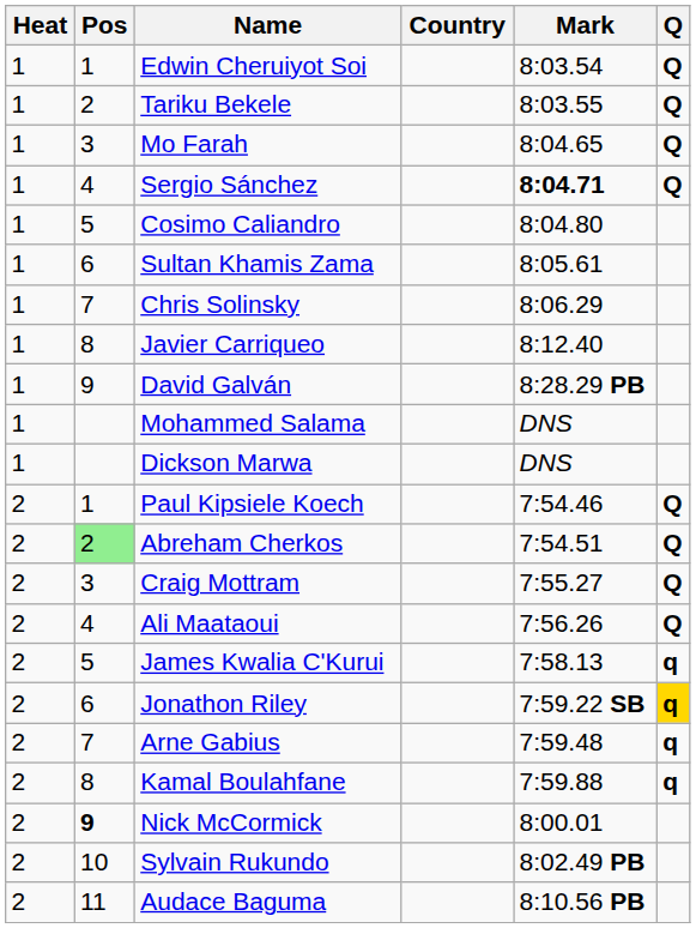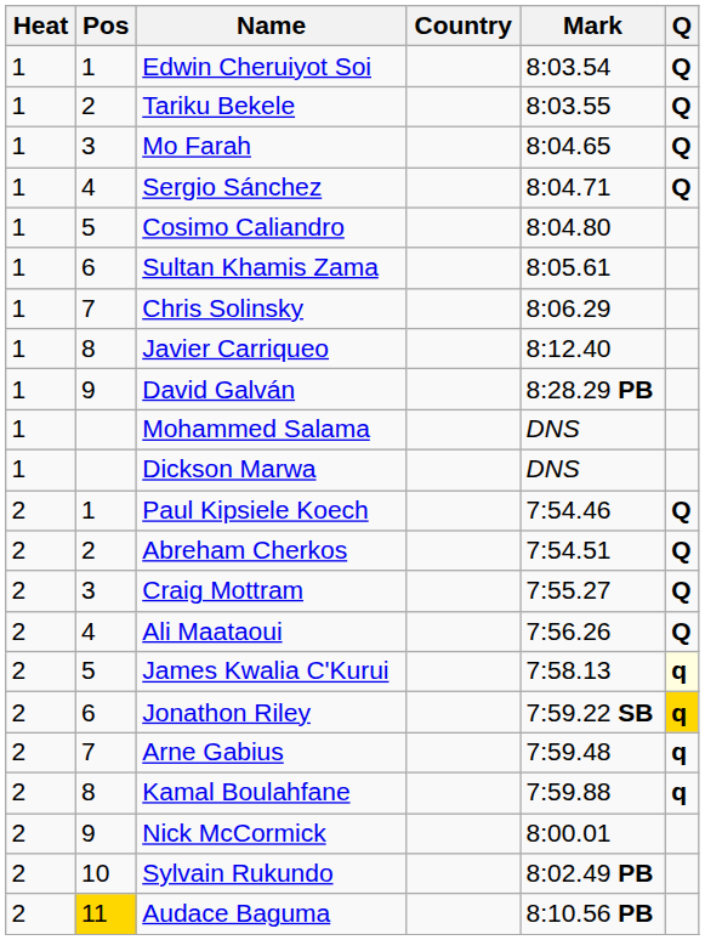 <table class="wikitable sortable" width=70%>
 <tr>
 <th>Heat</th>
 <th>Pos</th>
 <th>Name</th>
 <th>Country</th>
 <th>Mark</th>
 <th>Q</th>
 </tr>
 <tr>
 <td>1</td>
 <td>1</td>
 <td><a href='#'>Edwin Cheruiyot Soi</a></td>
 <td></td>
 <td>8:03.54</td>
 <td><strong>Q</strong></td>
 </tr>
 <tr>
 <td>1</td>
 <td>2</td>
 <td><a href='#'>Tariku Bekele</a></td>
 <td></td>
 <td>8:03.55</td>
 <td><strong>Q</strong></td>
 </tr>
 <tr>
 <td>1</td>
 <td>3</td>
 <td><a href='#'>Mo Farah</a></td>
 <td></td>
 <td>8:04.65</td>
 <td><strong>Q</strong></td>
 </tr>
 <tr>
 <td>1</td>
 <td>4</td>
 <td><a href='#'>Sergio Sánchez</a></td>
 <td></td>
-<td><strong>8:04.71</strong></td>
+<td>8:04.71</td>
 <td><strong>Q</strong></td>
 </tr>
 <tr>
 <td>1</td>
 <td>5</td>
 <td><a href='#'>Cosimo Caliandro</a></td>
 <td></td>
 <td>8:04.80</td>
 <td></td>
 </tr>
 <tr>
 <td>1</td>
 <td>6</td>
 <td><a href='#'>Sultan Khamis Zama</a></td>
 <td></td>
 <td>8:05.61</td>
 <td></td>
 </tr>
 <tr>
 <td>1</td>
 <td>7</td>
 <td><a href='#'>Chris Solinsky</a></td>
 <td></td>
 <td>8:06.29</td>
 <td></td>
 </tr>
 <tr>
 <td>1</td>
 <td>8</td>
 <td><a href='#'>Javier Carriqueo</a></td>
 <td></td>
 <td>8:12.40</td>
 <td></td>
 </tr>
 <tr>
 <td>1</td>
 <td>9</td>
 <td><a href='#'>David Galván</a></td>
 <td></td>
 <td>8:28.29 <strong>PB</strong></td>
 <td></td>
 </tr>
 <tr>
 <td>1</td>
 <td></td>
 <td><a href='#'>Mohammed Salama</a></td>
 <td></td>
 <td><em>DNS</em></td>
 <td></td>
 </tr>
 <tr>
 <td>1</td>
 <td></td>
 <td><a href='#'>Dickson Marwa</a></td>
 <td></td>
 <td><em>DNS</em></td>
 <td></td>
 </tr>
 <tr>
 <td>2</td>
 <td>1</td>
 <td><a href='#'>Paul Kipsiele Koech</a></td>
 <td></td>
 <td>7:54.46</td>
 <td><strong>Q</strong></td>
 </tr>
 <tr>
 <td>2</td>
-<td style="background: lightgreen;">2</td>
+<td>2</td>
 <td><a href='#'>Abreham Cherkos</a></td>
 <td></td>
 <td>7:54.51</td>
 <td><strong>Q</strong></td>
 </tr>
 <tr>
 <td>2</td>
 <td>3</td>
 <td><a href='#'>Craig Mottram</a></td>
 <td></td>
 <td>7:55.27</td>
 <td><strong>Q</strong></td>
 </tr>
 <tr>
 <td>2</td>
 <td>4</td>
 <td><a href='#'>Ali Maataoui</a></td>
 <td></td>
 <td>7:56.26</td>
 <td><strong>Q</strong></td>
 </tr>
 <tr>
 <td>2</td>
 <td>5</td>
 <td><a href='#'>James Kwalia C'Kurui</a></td>
 <td></td>
 <td>7:58.13</td>
-<td><strong>q</strong></td>
+<td style="background: lightyellow;"><strong>q</strong></td>
 </tr>
 <tr>
 <td>2</td>
 <td>6</td>
 <td><a href='#'>Jonathon Riley</a></td>
 <td></td>
 <td>7:59.22 <strong>SB</strong></td>
 <td style="background: gold;"><strong>q</strong></td>
 </tr>
 <tr>
 <td>2</td>
 <td>7</td>
 <td><a href='#'>Arne Gabius</a></td>
 <td></td>
 <td>7:59.48</td>
 <td><strong>q</strong></td>
 </tr>
 <tr>
 <td>2</td>
 <td>8</td>
 <td><a href='#'>Kamal Boulahfane</a></td>
 <td></td>
 <td>7:59.88</td>
 <td><strong>q</strong></td>
 </tr>
 <tr>
 <td>2</td>
-<td><strong>9</strong></td>
+<td>9</td>
 <td><a href='#'>Nick McCormick</a></td>
 <td></td>
 <td>8:00.01</td>
 <td></td>
 </tr>
 <tr>
 <td>2</td>
 <td>10</td>
 <td><a href='#'>Sylvain Rukundo</a></td>
 <td></td>
 <td>8:02.49 <strong>PB</strong></td>
 <td></td>
 </tr>
 <tr>
 <td>2</td>
-<td>11</td>
+<td style="background: gold;">11</td>
 <td><a href='#'>Audace Baguma</a></td>
 <td></td>
 <td>8:10.56 <strong>PB</strong></td>
 <td></td>
 </tr>
 <tr>
 </tr>
 </table>
